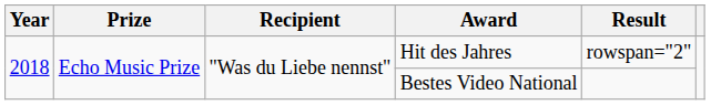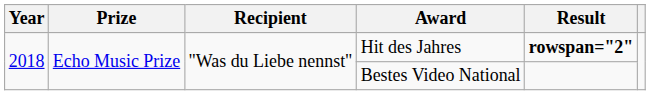 <table class="wikitable">
 <tr>
 <th>Year</th>
 <th>Prize</th>
 <th>Recipient</th>
 <th>Award</th>
 <th>Result</th>
 <th></th>
 </tr>
 <tr>
 <td rowspan="2"><a href='#'>2018</a></td>
 <td rowspan="2"><a href='#'>Echo Music Prize</a></td>
 <td rowspan="2">"Was du Liebe nennst"</td>
 <td>Hit des Jahres</td>
-<td>rowspan="2" </td>
+<td><strong>rowspan="2" </strong></td>
 <td rowspan="2" style="text-align:center;"></td>
 </tr>
 <tr>
 <td>Bestes Video National</td>
 </tr>
 </table>
